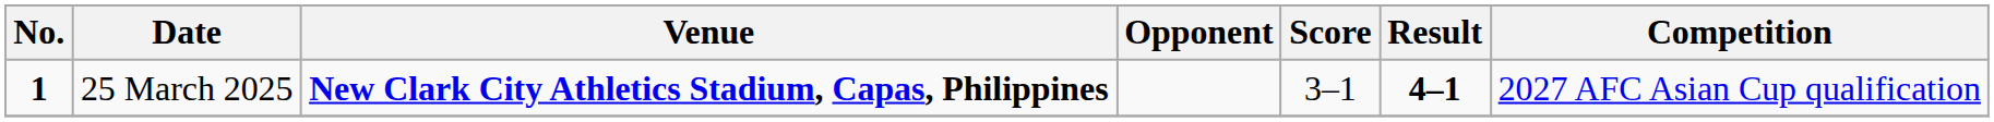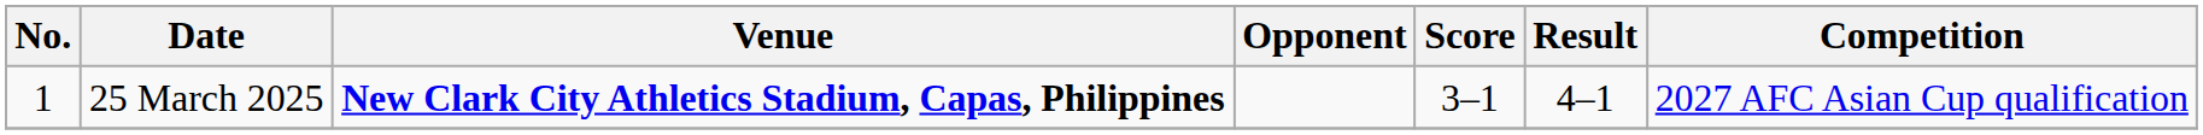 <table class="wikitable sortable">
 <tr>
 <th scope="col">No.</th>
 <th scope="col">Date</th>
 <th scope="col">Venue</th>
 <th scope="col">Opponent</th>
 <th scope="col">Score</th>
 <th scope="col">Result</th>
 <th scope="col">Competition</th>
 </tr>
 <tr>
-<td align="center"><strong>1</strong></td>
+<td align="center">1</td>
 <td>25 March 2025</td>
 <td><strong><a href='#'>New Clark City Athletics Stadium</a>, <a href='#'>Capas</a>, Philippines</strong></td>
 <td></td>
 <td align="center">3–1</td>
-<td align="center"><strong>4–1</strong></td>
+<td align="center">4–1</td>
 <td><a href='#'>2027 AFC Asian Cup qualification</a></td>
 </tr>
 <tr>
 </tr>
 </table>
